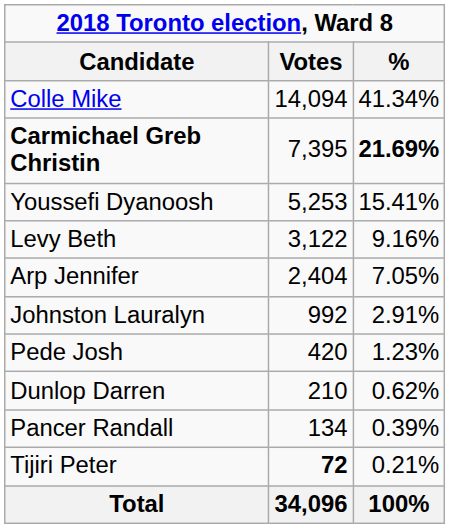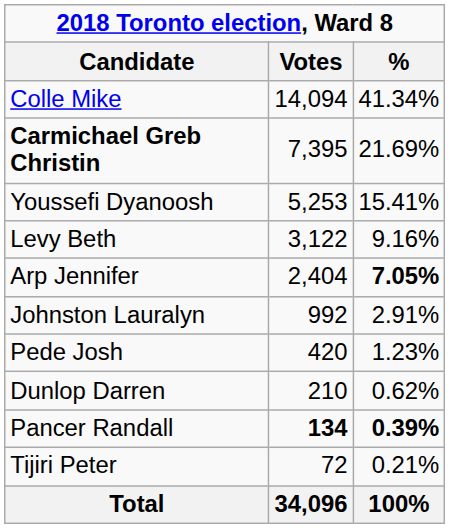 <table class="wikitable">
 <tr>
 <td Colspan="3" align="center"><strong><a href='#'>2018 Toronto election</a>, Ward 8</strong></td>
 </tr>
 <tr>
 <th scope="col" width="170px">Candidate</th>
 <th>Votes</th>
 <th>%</th>
 </tr>
 <tr>
 <td><a href='#'>Colle Mike</a></td>
 <td scope="col" style="text-align: right">14,094</td>
 <td scope="col" style="text-align: right">41.34%</td>
 </tr>
 <tr>
 <td><strong>Carmichael Greb Christin</strong></td>
 <td scope="col" style="text-align: right">7,395</td>
-<td scope="col" style="text-align: right"><strong>21.69%</strong></td>
+<td scope="col" style="text-align: right">21.69%</td>
 </tr>
 <tr>
 <td>Youssefi Dyanoosh</td>
 <td scope="col" style="text-align: right">5,253</td>
 <td scope="col" style="text-align: right">15.41%</td>
 </tr>
 <tr>
 <td>Levy Beth</td>
 <td scope="col" style="text-align: right">3,122</td>
 <td scope="col" style="text-align: right">9.16%</td>
 </tr>
 <tr>
 <td>Arp Jennifer</td>
 <td scope="col" style="text-align: right">2,404</td>
-<td scope="col" style="text-align: right">7.05%</td>
+<td scope="col" style="text-align: right"><strong>7.05%</strong></td>
 </tr>
 <tr>
 <td>Johnston Lauralyn</td>
 <td scope="col" style="text-align: right">992</td>
 <td scope="col" style="text-align: right">2.91%</td>
 </tr>
 <tr>
 <td>Pede Josh</td>
 <td scope="col" style="text-align: right">420</td>
 <td scope="col" style="text-align: right">1.23%</td>
 </tr>
 <tr>
 <td>Dunlop Darren</td>
 <td scope="col" style="text-align: right">210</td>
 <td scope="col" style="text-align: right">0.62%</td>
 </tr>
 <tr>
 <td>Pancer Randall</td>
-<td scope="col" style="text-align: right">134</td>
-<td scope="col" style="text-align: right">0.39%</td>
+<td scope="col" style="text-align: right"><strong>134</strong></td>
+<td scope="col" style="text-align: right"><strong>0.39%</strong></td>
 </tr>
 <tr>
 <td>Tijiri Peter</td>
-<td scope="col" style="text-align: right"><strong>72</strong></td>
+<td scope="col" style="text-align: right">72</td>
 <td scope="col" style="text-align: right">0.21%</td>
 </tr>
 <tr>
 <th>Total</th>
 <th>34,096</th>
 <th>100%</th>
 </tr>
 </table>
